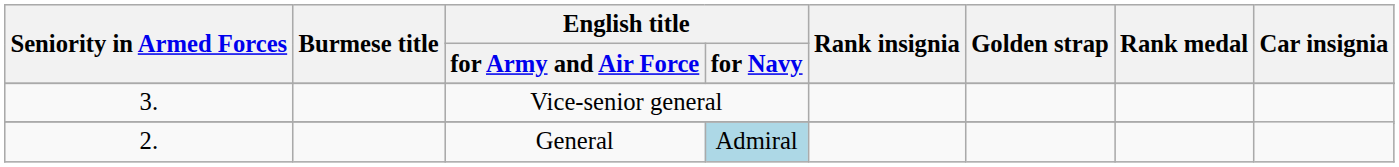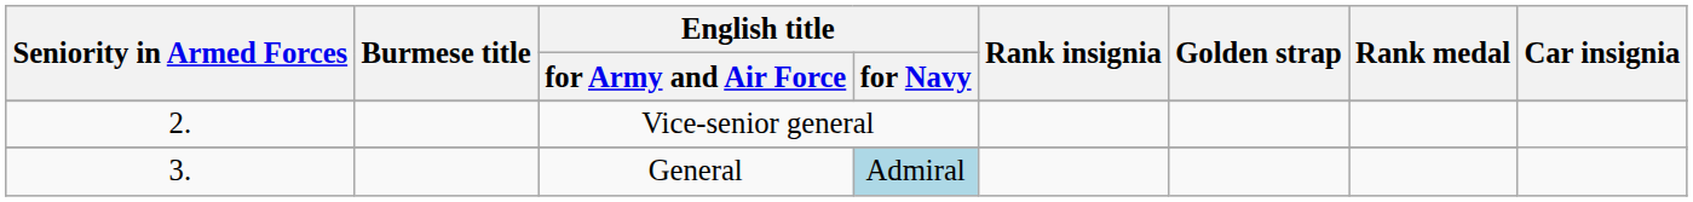 <table class="wikitable">
 <tr style="text-align:center; background:#efefef;">
 <th rowspan=2>Seniority in <a href='#'>Armed Forces</a></th>
 <th rowspan=2>Burmese title</th>
 <th colspan=2>English title</th>
 <th rowspan=2>Rank insignia</th>
 <th rowspan=2>Golden strap <br></th>
 <th rowspan=2>Rank medal <br></th>
 <th colspan=2 rowspan=2>Car insignia</th>
 </tr>
 <tr style="text-align:center">
 <th>for <a href='#'>Army</a> and <a href='#'>Air Force</a></th>
 <th>for <a href='#'>Navy</a></th>
 </tr>
 <tr>
 </tr>
 <tr style="text-align:center;">
-<td>3.</td>
+<td>2.</td>
 <td></td>
 <td colspan=2>Vice-senior general</td>
 <td></td>
 <td></td>
 <td></td>
 <td colspan=2 rowspan=2></td>
 </tr>
 <tr>
 </tr>
 <tr style="text-align:center;">
-<td>2.</td>
+<td>3.</td>
 <td></td>
 <td>General</td>
 <td style="background: lightblue;">Admiral</td>
 <td></td>
 <td></td>
 <td></td>
 </tr>
 </table>
